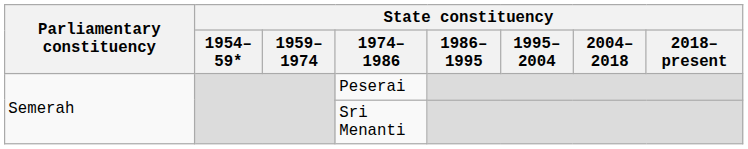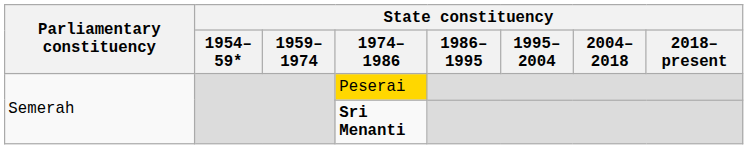 <table class="wikitable">
 <tr>
 <th rowspan="2">Parliamentary constituency</th>
 <th colspan="7">State constituency</th>
 </tr>
 <tr>
 <th>1954–59*</th>
 <th>1959–1974</th>
 <th>1974–1986</th>
 <th>1986–1995</th>
 <th>1995–2004</th>
 <th>2004–2018</th>
 <th>2018–present</th>
 </tr>
 <tr>
 <td rowspan="2">Semerah</td>
 <td colspan="2" rowspan="2" bgcolor="dcdcdc"></td>
-<td>Peserai</td>
+<td style="background: gold;">Peserai</td>
 <td colspan="4" bgcolor="dcdcdc"></td>
 </tr>
 <tr>
-<td>Sri Menanti</td>
+<td><strong>Sri Menanti</strong></td>
 <td colspan="4" bgcolor="dcdcdc"></td>
 </tr>
 </table>
